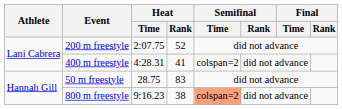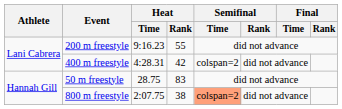 <table class=wikitable style="font-size:90%">
 <tr>
 <th rowspan="2">Athlete</th>
 <th rowspan="2">Event</th>
 <th colspan="2">Heat</th>
 <th colspan="2">Semifinal</th>
 <th colspan="2">Final</th>
 </tr>
 <tr style="font-size:95%">
 <th>Time</th>
 <th>Rank</th>
 <th>Time</th>
 <th>Rank</th>
 <th>Time</th>
 <th>Rank</th>
 </tr>
 <tr align=center>
 <td align=left rowspan=2><a href='#'>Lani Cabrera</a></td>
 <td align=left><a href='#'>200 m freestyle</a></td>
-<td>2:07.75</td>
-<td>52</td>
+<td>9:16.23</td>
+<td>55</td>
 <td colspan=4>did not advance</td>
 </tr>
 <tr align=center>
 <td align=left><a href='#'>400 m freestyle</a></td>
 <td>4:28.31</td>
-<td>41</td>
+<td>42</td>
 <td>colspan=2 </td>
 <td colspan=2>did not advance</td>
 </tr>
 <tr align=center>
 <td align=left rowspan=2><a href='#'>Hannah Gill</a></td>
 <td align=left><a href='#'>50 m freestyle</a></td>
 <td>28.75</td>
 <td>83</td>
 <td colspan=4>did not advance</td>
 </tr>
 <tr align=center>
 <td align=left><a href='#'>800 m freestyle</a></td>
-<td>9:16.23</td>
+<td>2:07.75</td>
 <td>38</td>
 <td style="background: lightsalmon;">colspan=2 </td>
 <td colspan=2>did not advance</td>
 </tr>
 </table>
